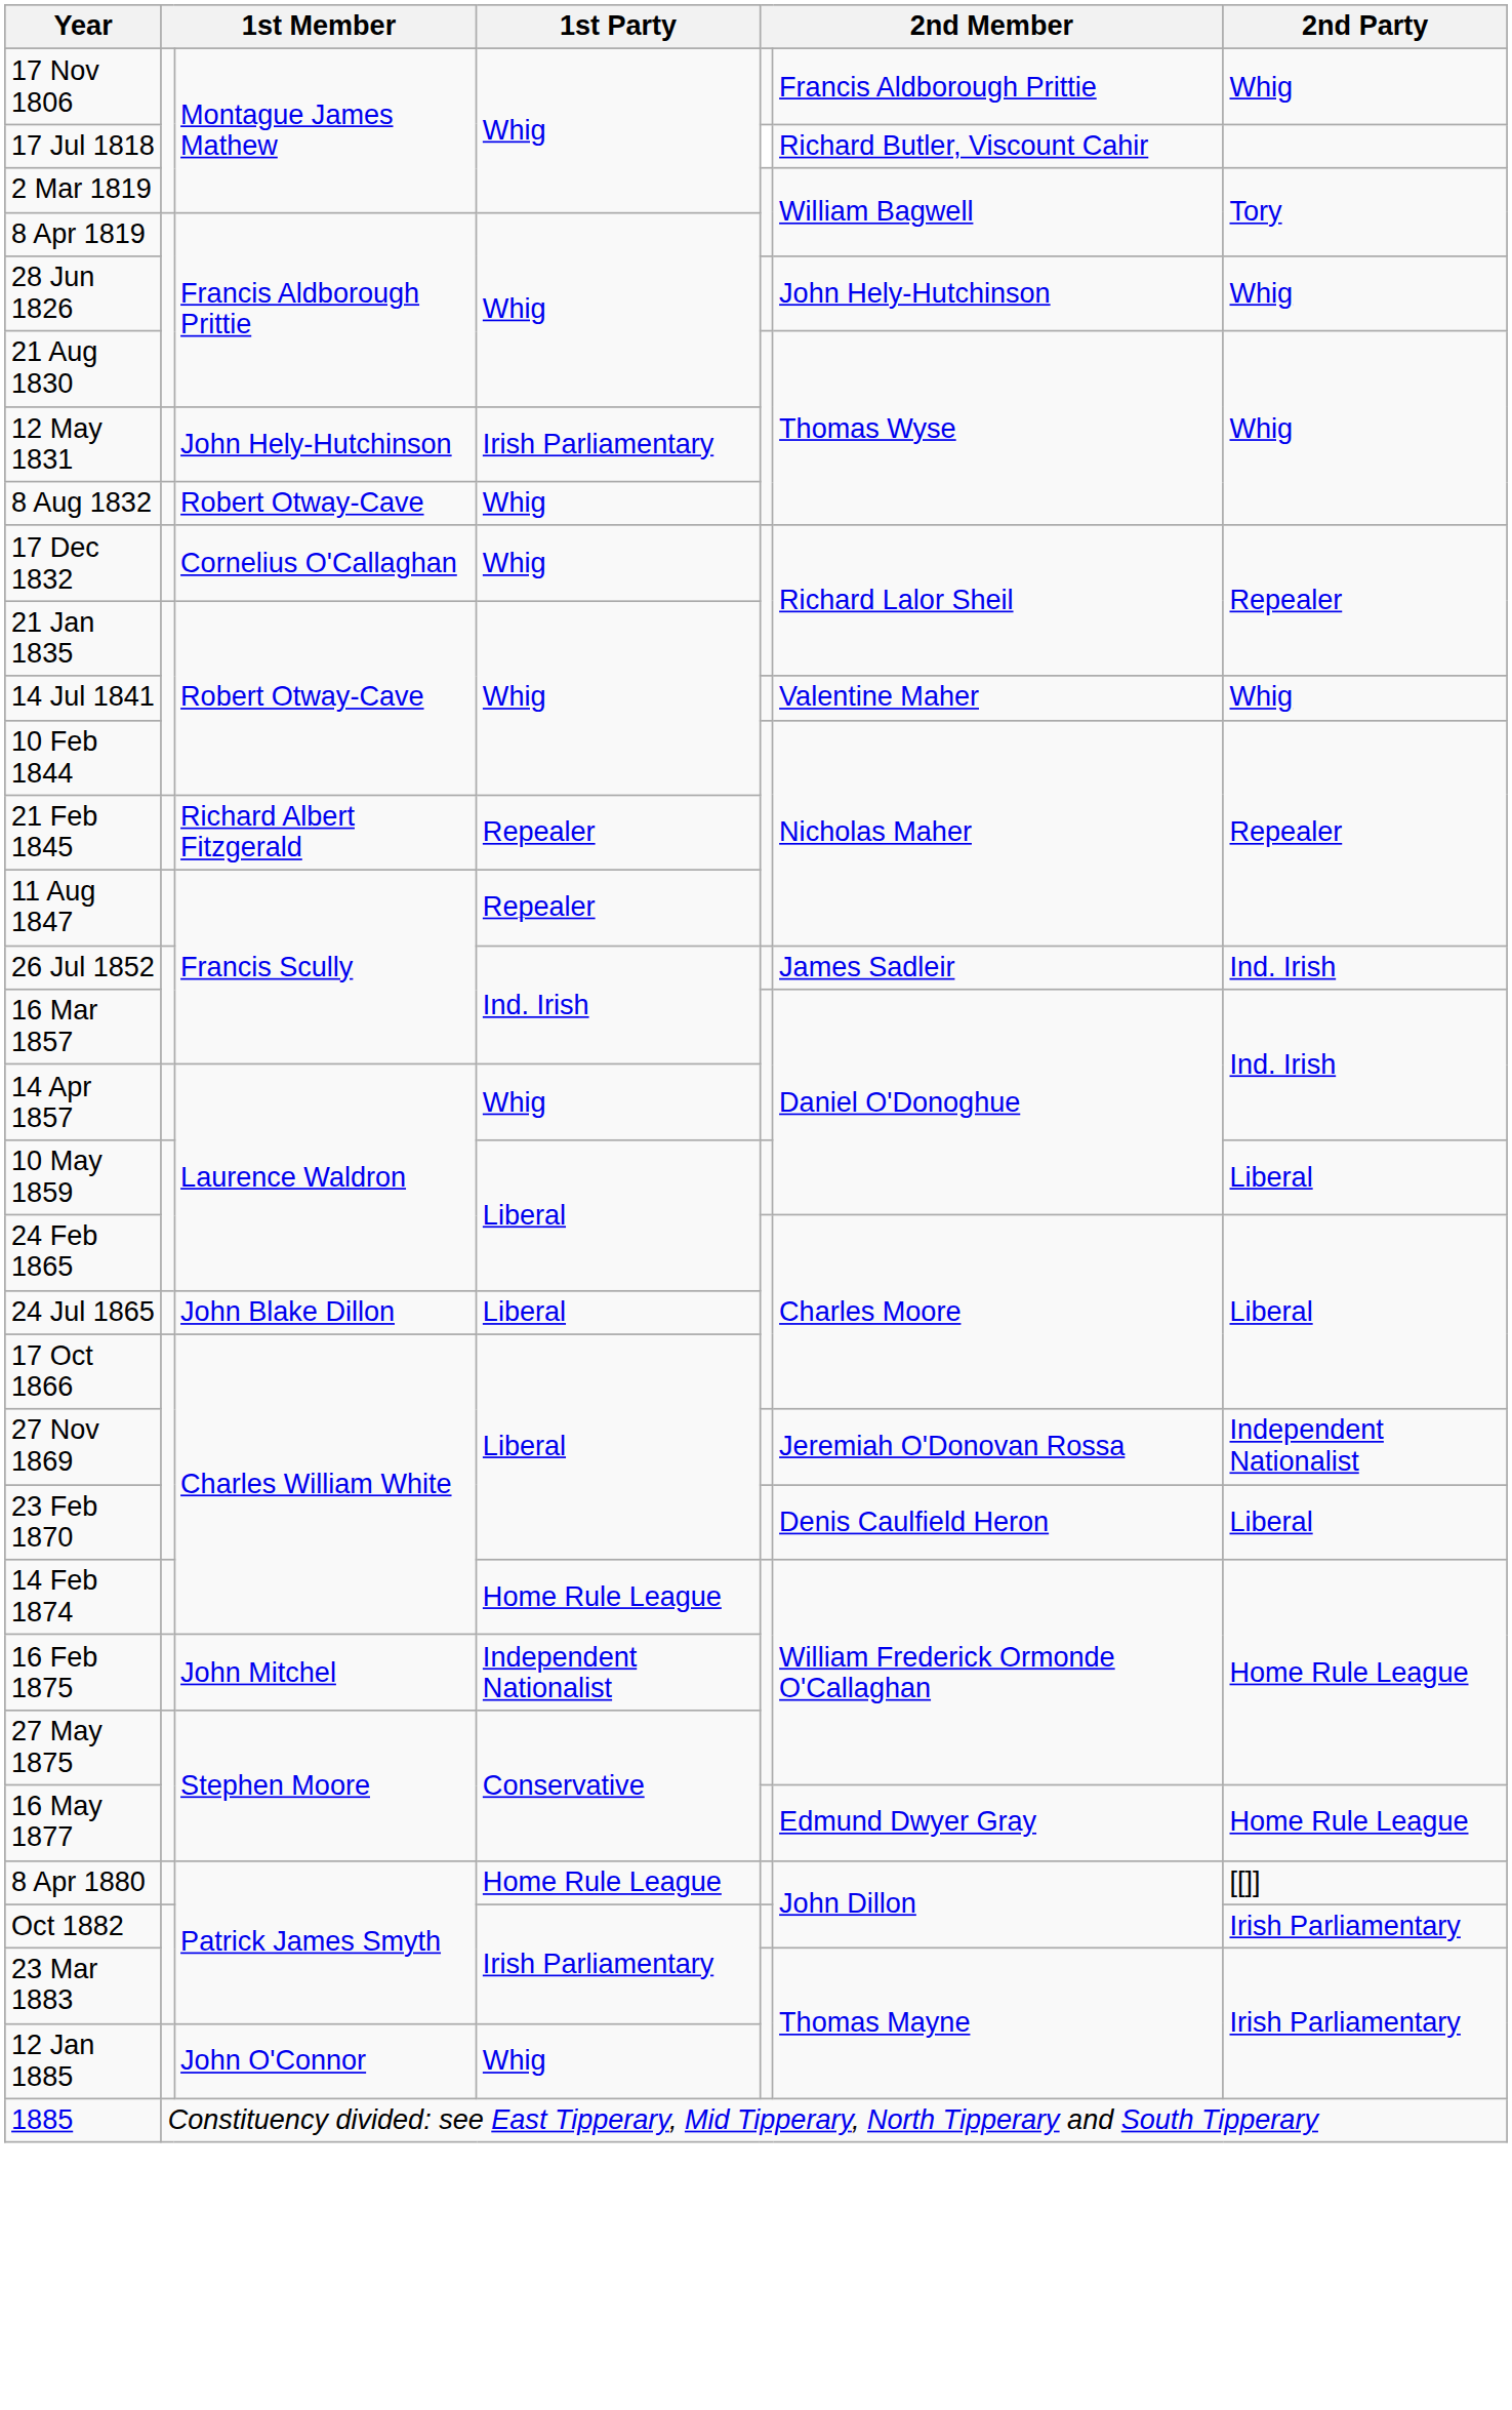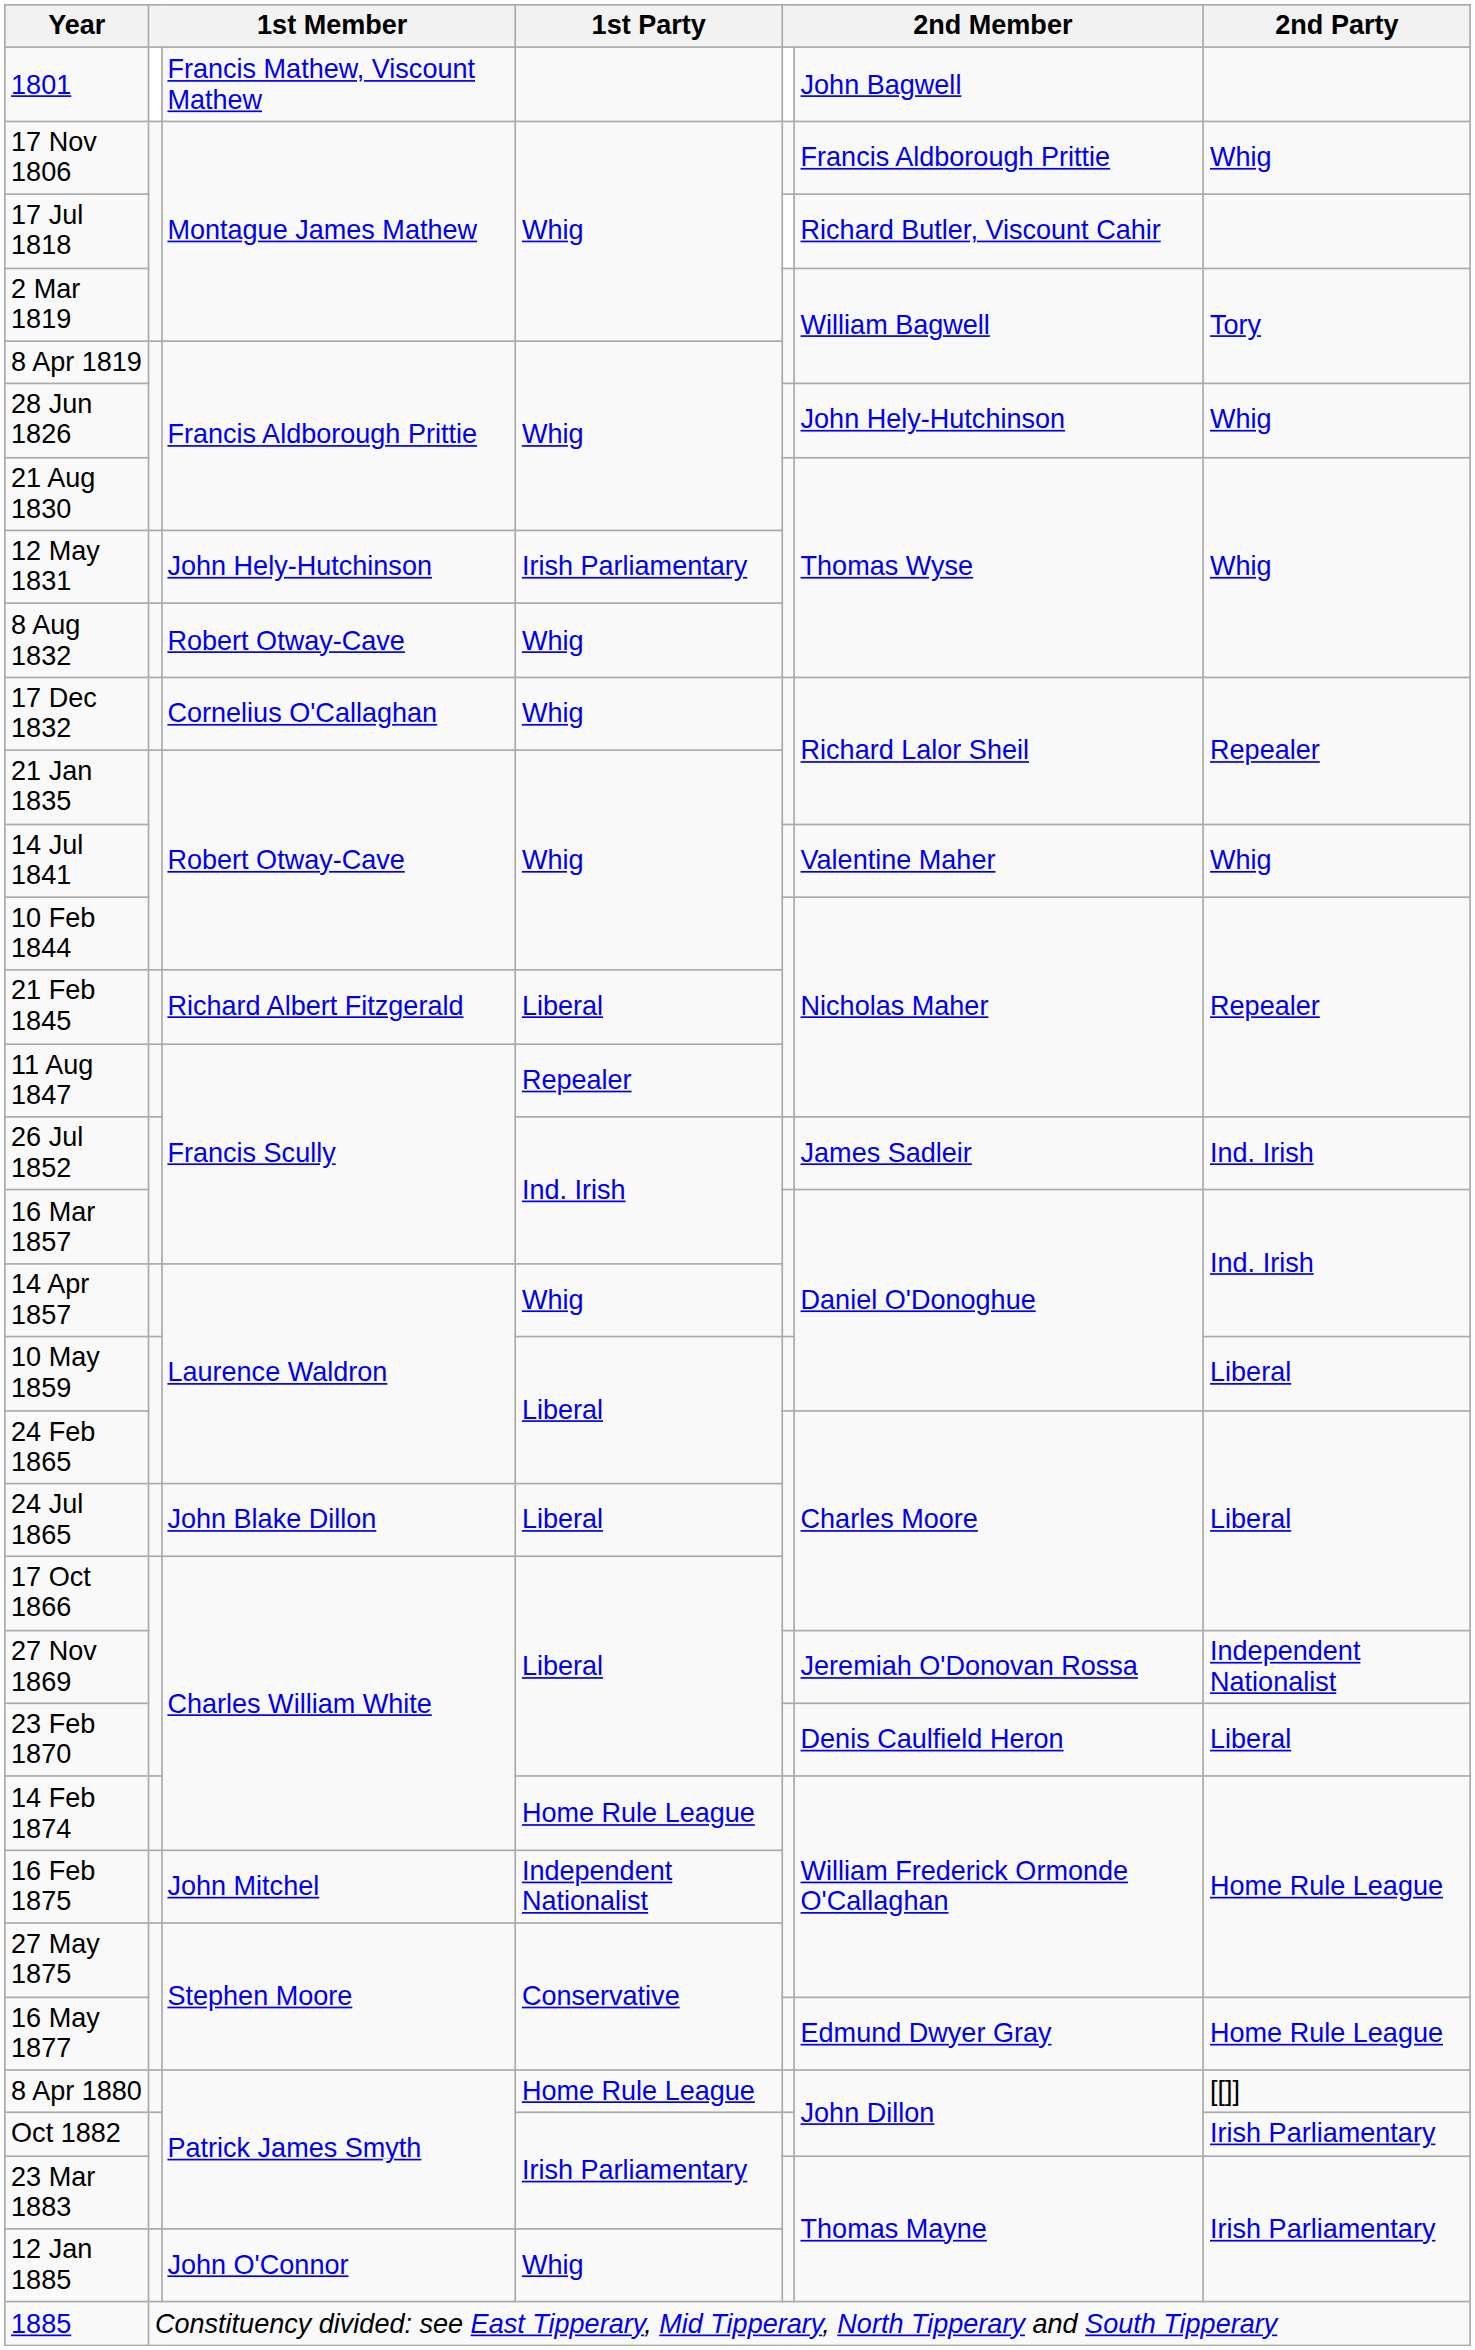 <table class="wikitable">
 <tr>
 <th>Year</th>
 <th colspan="2">1st Member</th>
 <th>1st Party</th>
 <th colspan="2">2nd Member</th>
 <th>2nd Party</th>
+</tr>
+<tr>
+<td><a href='#'>1801</a></td>
+<td style="color:inherit;background-color: white"></td>
+<td><a href='#'>Francis Mathew, Viscount Mathew</a>  </td>
+<td></td>
+<td style="color:inherit;background-color: white"></td>
+<td><a href='#'>John Bagwell</a> 	    </td>
+<td></td>
 </tr>
 <tr>
 <td>17 Nov 1806</td>
 <td rowspan="3" style="color:inherit;background-color: "></td>
 <td rowspan="3"><a href='#'>Montague James Mathew</a> 	</td>
 <td rowspan="3"><a href='#'>Whig</a></td>
 <td style="color:inherit;background-color: "></td>
 <td><a href='#'>Francis Aldborough Prittie</a> 	 </td>
 <td><a href='#'>Whig</a></td>
 </tr>
 <tr>
 <td>17 Jul 1818</td>
 <td style="color:inherit;background-color: white"></td>
 <td><a href='#'>Richard Butler, Viscount Cahir</a> 	</td>
 <td></td>
 </tr>
 <tr>
 <td>2 Mar 1819</td>
 <td rowspan="2" style="color:inherit;background-color: "></td>
 <td rowspan="2"><a href='#'>William Bagwell</a> 	    </td>
 <td rowspan="2"><a href='#'>Tory</a></td>
 </tr>
 <tr>
 <td>8 Apr 1819</td>
 <td rowspan="3" style="color:inherit;background-color: "></td>
 <td rowspan="3"><a href='#'>Francis Aldborough Prittie</a> 	 </td>
 <td rowspan="3"><a href='#'>Whig</a></td>
 </tr>
 <tr>
 <td>28 Jun 1826</td>
 <td style="color:inherit;background-color: "></td>
 <td><a href='#'>John Hely-Hutchinson</a> </td>
 <td><a href='#'>Whig</a></td>
 </tr>
 <tr>
 <td>21 Aug 1830</td>
 <td rowspan="3" style="color:inherit;background-color: "></td>
 <td rowspan="3"><a href='#'>Thomas Wyse</a> 	 </td>
 <td rowspan="3"><a href='#'>Whig</a></td>
 </tr>
 <tr>
 <td>12 May 1831</td>
 <td style="color:inherit;background-color: "></td>
 <td><a href='#'>John Hely-Hutchinson</a> </td>
 <td><a href='#'>Irish Parliamentary</a></td>
 </tr>
 <tr>
 <td>8 Aug 1832</td>
 <td style="color:inherit;background-color: "></td>
 <td><a href='#'>Robert Otway-Cave</a> 	</td>
 <td><a href='#'>Whig</a></td>
 </tr>
 <tr>
 <td>17 Dec 1832</td>
 <td style="color:inherit;background-color: "></td>
 <td><a href='#'>Cornelius O'Callaghan</a> 	       </td>
 <td><a href='#'>Whig</a></td>
 <td rowspan="2" style="color:inherit;background-color: "></td>
 <td rowspan="2"><a href='#'>Richard Lalor Sheil</a> 	       </td>
 <td rowspan="2"><a href='#'>Repealer</a></td>
 </tr>
 <tr>
 <td>21 Jan 1835</td>
 <td rowspan="3" style="color:inherit;background-color: "></td>
 <td rowspan="3"><a href='#'>Robert Otway-Cave</a> 	</td>
 <td rowspan="3"><a href='#'>Whig</a></td>
 </tr>
 <tr>
 <td>14 Jul 1841</td>
 <td style="color:inherit;background-color: "></td>
 <td><a href='#'>Valentine Maher</a>  	       </td>
 <td><a href='#'>Whig</a></td>
 </tr>
 <tr>
 <td>10 Feb 1844</td>
 <td rowspan="3" style="color:inherit;background-color: "></td>
 <td rowspan="3"><a href='#'>Nicholas Maher</a> 		</td>
 <td rowspan="3"><a href='#'>Repealer</a></td>
 </tr>
 <tr>
 <td>21 Feb 1845</td>
 <td style="color:inherit;background-color: "></td>
 <td><a href='#'>Richard Albert Fitzgerald</a> 	       </td>
-<td><a href='#'>Repealer</a></td>
+<td><a href='#'>Liberal</a></td>
 </tr>
 <tr>
 <td>11 Aug 1847</td>
 <td rowspan="1" style="color:inherit;background-color: "></td>
 <td rowspan="3"><a href='#'>Francis Scully</a> 	       </td>
 <td rowspan="1"><a href='#'>Repealer</a></td>
 </tr>
 <tr>
 <td>26 Jul 1852</td>
 <td rowspan="2" style="color:inherit;background-color: "></td>
 <td rowspan="2"><a href='#'>Ind. Irish</a></td>
 <td style="color:inherit;background-color: "></td>
 <td><a href='#'>James Sadleir</a> 	</td>
 <td><a href='#'>Ind. Irish</a></td>
 </tr>
 <tr>
 <td>16 Mar 1857</td>
 <td rowspan="2" style="color:inherit;background-color: "></td>
 <td rowspan="3"><a href='#'>Daniel O'Donoghue</a> 		 </td>
 <td rowspan="2"><a href='#'>Ind. Irish</a></td>
 </tr>
 <tr>
 <td>14 Apr 1857</td>
 <td style="color:inherit;background-color: "></td>
 <td rowspan="3"><a href='#'>Laurence Waldron</a> 	       </td>
 <td><a href='#'>Whig</a></td>
 </tr>
 <tr>
 <td>10 May 1859</td>
 <td rowspan="2" style="color:inherit;background-color: "></td>
 <td rowspan="2"><a href='#'>Liberal</a></td>
 <td style="color:inherit;background-color: "></td>
 <td><a href='#'>Liberal</a></td>
 </tr>
 <tr>
 <td>24 Feb 1865</td>
 <td rowspan="3" style="color:inherit;background-color: "></td>
 <td rowspan="3"><a href='#'>Charles Moore</a> 	       </td>
 <td rowspan="3"><a href='#'>Liberal</a></td>
 </tr>
 <tr>
 <td>24 Jul 1865</td>
 <td style="color:inherit;background-color: "></td>
 <td><a href='#'>John Blake Dillon</a> 	       </td>
 <td><a href='#'>Liberal</a></td>
 </tr>
 <tr>
 <td>17 Oct 1866</td>
 <td rowspan="3" style="color:inherit;background-color: "></td>
 <td rowspan="4"><a href='#'>Charles William White</a> 	 </td>
 <td rowspan="3"><a href='#'>Liberal</a></td>
 </tr>
 <tr>
 <td>27 Nov 1869</td>
 <td style="color:inherit;background-color: "></td>
 <td><a href='#'>Jeremiah O'Donovan Rossa</a>	</td>
 <td><a href='#'>Independent Nationalist</a></td>
 </tr>
 <tr>
 <td>23 Feb 1870</td>
 <td style="color:inherit;background-color: "></td>
 <td><a href='#'>Denis Caulfield Heron</a> 	       </td>
 <td><a href='#'>Liberal</a></td>
 </tr>
 <tr>
 <td>14 Feb 1874</td>
 <td style="color:inherit;background-color: "></td>
 <td><a href='#'>Home Rule League</a></td>
 <td rowspan="3" style="color:inherit;background-color: "></td>
 <td rowspan="3"><a href='#'>William Frederick Ormonde O'Callaghan</a> 	</td>
 <td rowspan="3"><a href='#'>Home Rule League</a></td>
 </tr>
 <tr>
 <td>16 Feb 1875</td>
 <td style="color:inherit;background-color: "></td>
 <td><a href='#'>John Mitchel</a>	 </td>
 <td><a href='#'>Independent Nationalist</a></td>
 </tr>
 <tr>
 <td>27 May 1875</td>
 <td rowspan="2" style="color:inherit;background-color: "></td>
 <td rowspan="2"><a href='#'>Stephen Moore</a> 	       </td>
 <td rowspan="2"><a href='#'>Conservative</a></td>
 </tr>
 <tr>
 <td>16 May 1877</td>
 <td style="color:inherit;background-color: "></td>
 <td><a href='#'>Edmund Dwyer Gray</a>	       </td>
 <td><a href='#'>Home Rule League</a></td>
 </tr>
 <tr>
 <td>8 Apr 1880</td>
 <td style="color:inherit;background-color: "></td>
 <td rowspan="3"><a href='#'>Patrick James Smyth</a> 	       </td>
 <td><a href='#'>Home Rule League</a></td>
 <td rowspan="1" style="color:inherit;background-color: "></td>
 <td rowspan="2"><a href='#'>John Dillon</a> 	</td>
 <td rowspan="1">[[]]</td>
 </tr>
 <tr>
 <td>Oct 1882</td>
 <td rowspan="2" style="color:inherit;background-color: "></td>
 <td rowspan="2"><a href='#'>Irish Parliamentary</a></td>
 <td style="color:inherit;background-color: "></td>
 <td><a href='#'>Irish Parliamentary</a></td>
 </tr>
 <tr>
 <td>23 Mar 1883</td>
 <td rowspan="2" style="color:inherit;background-color: "></td>
 <td rowspan="2"><a href='#'>Thomas Mayne</a>	       </td>
 <td rowspan="2"><a href='#'>Irish Parliamentary</a></td>
 </tr>
 <tr>
 <td>12 Jan 1885</td>
 <td style="color:inherit;background-color: "></td>
 <td><a href='#'>John O'Connor</a> 	</td>
 <td><a href='#'>Whig</a></td>
 </tr>
 <tr>
 <td><a href='#'>1885</a></td>
 <td colspan="6"><em>Constituency divided: see <a href='#'>East Tipperary</a>, <a href='#'>Mid Tipperary</a>, <a href='#'>North Tipperary</a> and <a href='#'>South Tipperary</a></em></td>
 </tr>
 </table>
